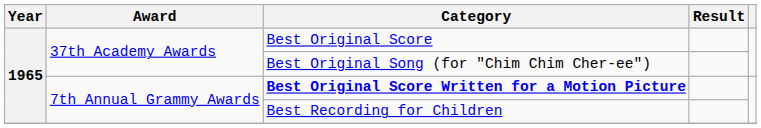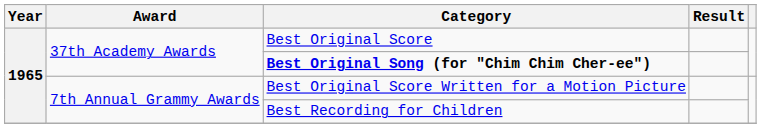 <table class="wikitable plainrowheaders">
 <tr>
 <th scope="col">Year</th>
 <th scope="col">Award</th>
 <th scope="col">Category</th>
 <th scope="col">Result</th>
 <th scope="col"></th>
 </tr>
 <tr>
 <th scope="row"; rowspan="4">1965</th>
 <td scope="row"; rowspan="2"><a href='#'>37th Academy Awards</a></td>
 <td><a href='#'>Best Original Score</a></td>
 <td></td>
 <td scope="row"; rowspan="2"></td>
 </tr>
 <tr>
-<td><a href='#'>Best Original Song</a> (for "Chim Chim Cher-ee")</td>
+<td><strong><a href='#'>Best Original Song</a> (for "Chim Chim Cher-ee")</strong></td>
 <td></td>
 </tr>
 <tr>
 <td scope="row"; rowspan="2"><a href='#'>7th Annual Grammy Awards</a></td>
-<td><strong><a href='#'>Best Original Score Written for a Motion Picture</a></strong></td>
+<td><a href='#'>Best Original Score Written for a Motion Picture</a></td>
 <td></td>
 <td scope="row"; rowspan="2"></td>
 </tr>
 <tr>
 <td><a href='#'>Best Recording for Children</a></td>
 <td></td>
 </tr>
 <tr>
 </tr>
 </table>
